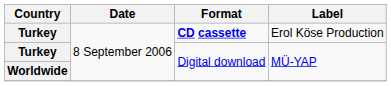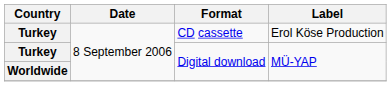 <table class="wikitable plainrowheaders">
 <tr>
 <th scope="col">Country</th>
 <th scope="col">Date</th>
 <th scope="col">Format</th>
 <th scope="col">Label</th>
 </tr>
 <tr>
 <th scope="row">Turkey</th>
 <td rowspan="3">8 September 2006</td>
-<td rowspan="1"><strong><a href='#'>CD</a> <a href='#'>cassette</a></strong></td>
+<td rowspan="1"><a href='#'>CD</a> <a href='#'>cassette</a></td>
 <td rowspan="1">Erol Köse Production</td>
 </tr>
 <tr>
 <th scope="row">Turkey</th>
 <td rowspan="2"><a href='#'>Digital download</a></td>
 <td rowspan="2"><a href='#'>MÜ-YAP</a></td>
 </tr>
 <tr>
 <th scope="row">Worldwide</th>
 </tr>
 <tr>
 </tr>
 </table>
